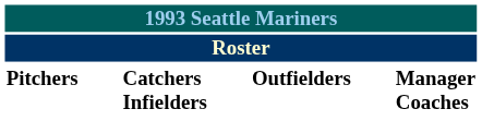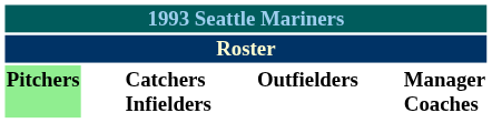 <table class="toccolours" style="font-size: 95%;">
 <tr>
 <th colspan="10" style="background-color: #005c5c; color:#9ECEEE; text-align: center;">1993 Seattle Mariners</th>
 </tr>
 <tr>
 <td colspan="10" style="background-color: #003366; color: #FFFDD0; text-align: center;"><strong>Roster</strong></td>
 </tr>
 <tr>
-<td valign="top"><strong>Pitchers</strong><br>                      </td>
+<td valign="top" style="background: lightgreen;"><strong>Pitchers</strong><br>                      </td>
 <td width="25px"></td>
 <td valign="top"><strong>Catchers</strong><br>   <strong>Infielders</strong>           </td>
 <td width="25px"></td>
 <td valign="top"><strong>Outfielders</strong><br>          </td>
 <td width="25px"></td>
 <td valign="top"><strong>Manager</strong><br> <strong>Coaches</strong>      </td>
 </tr>
 </table>
